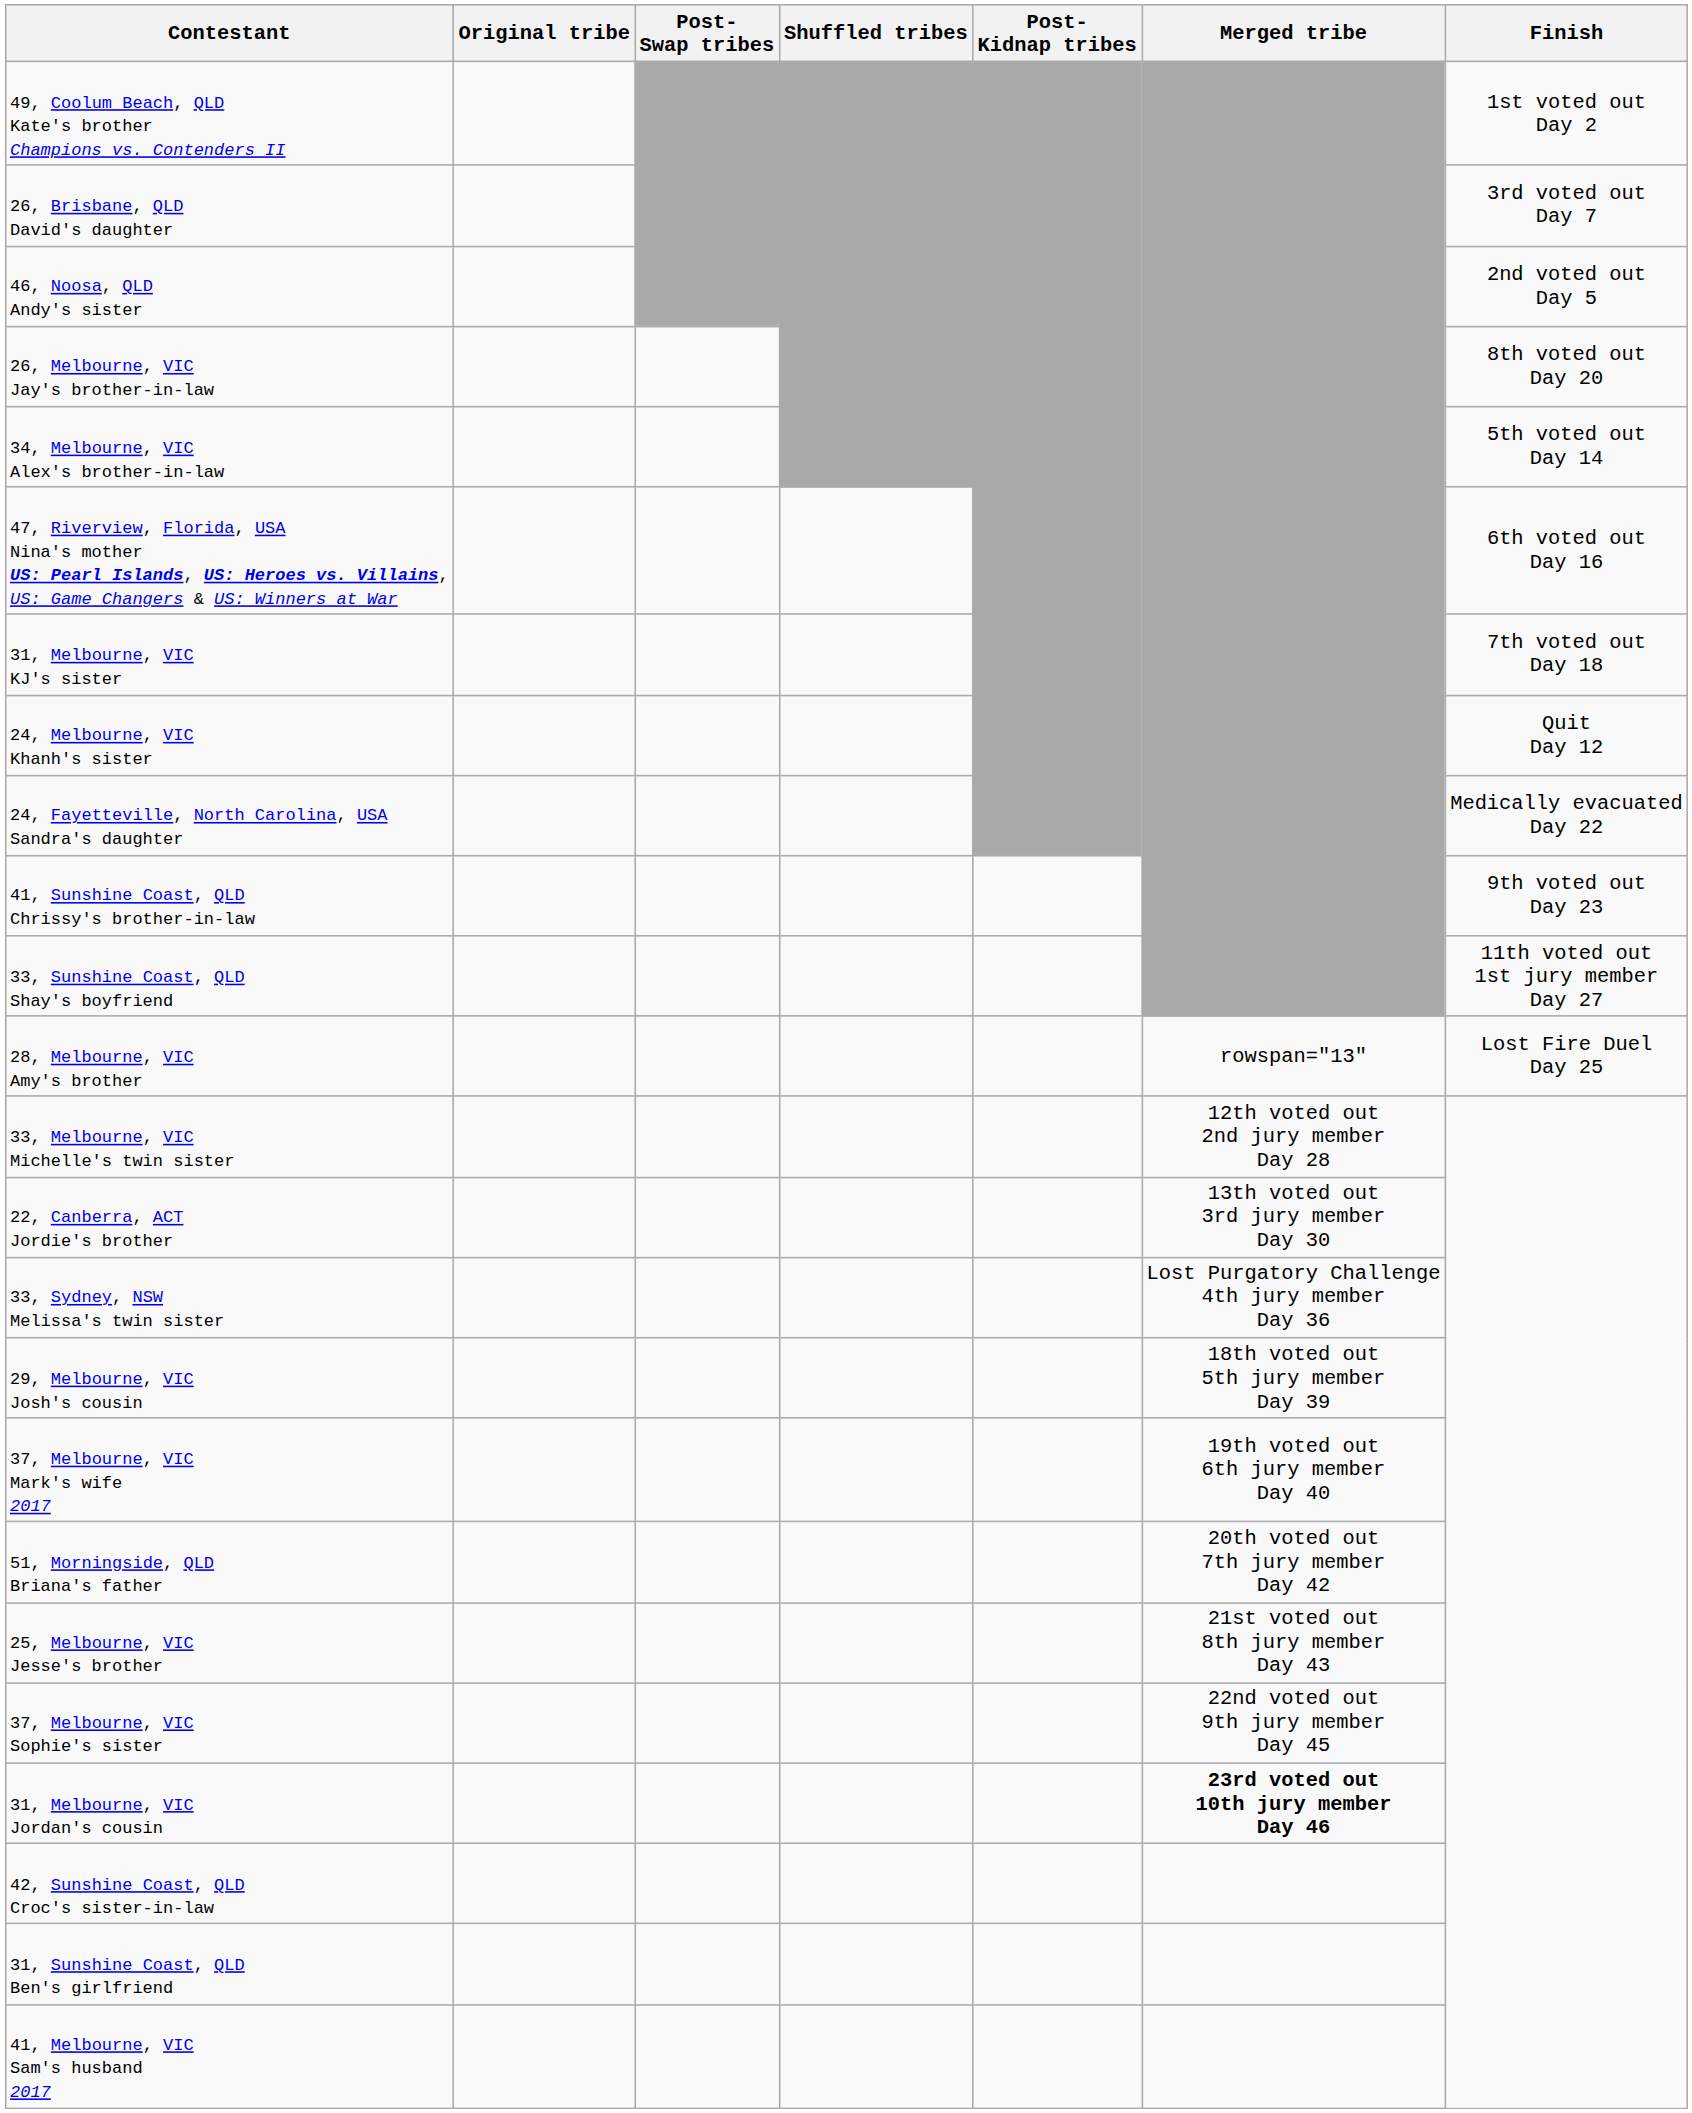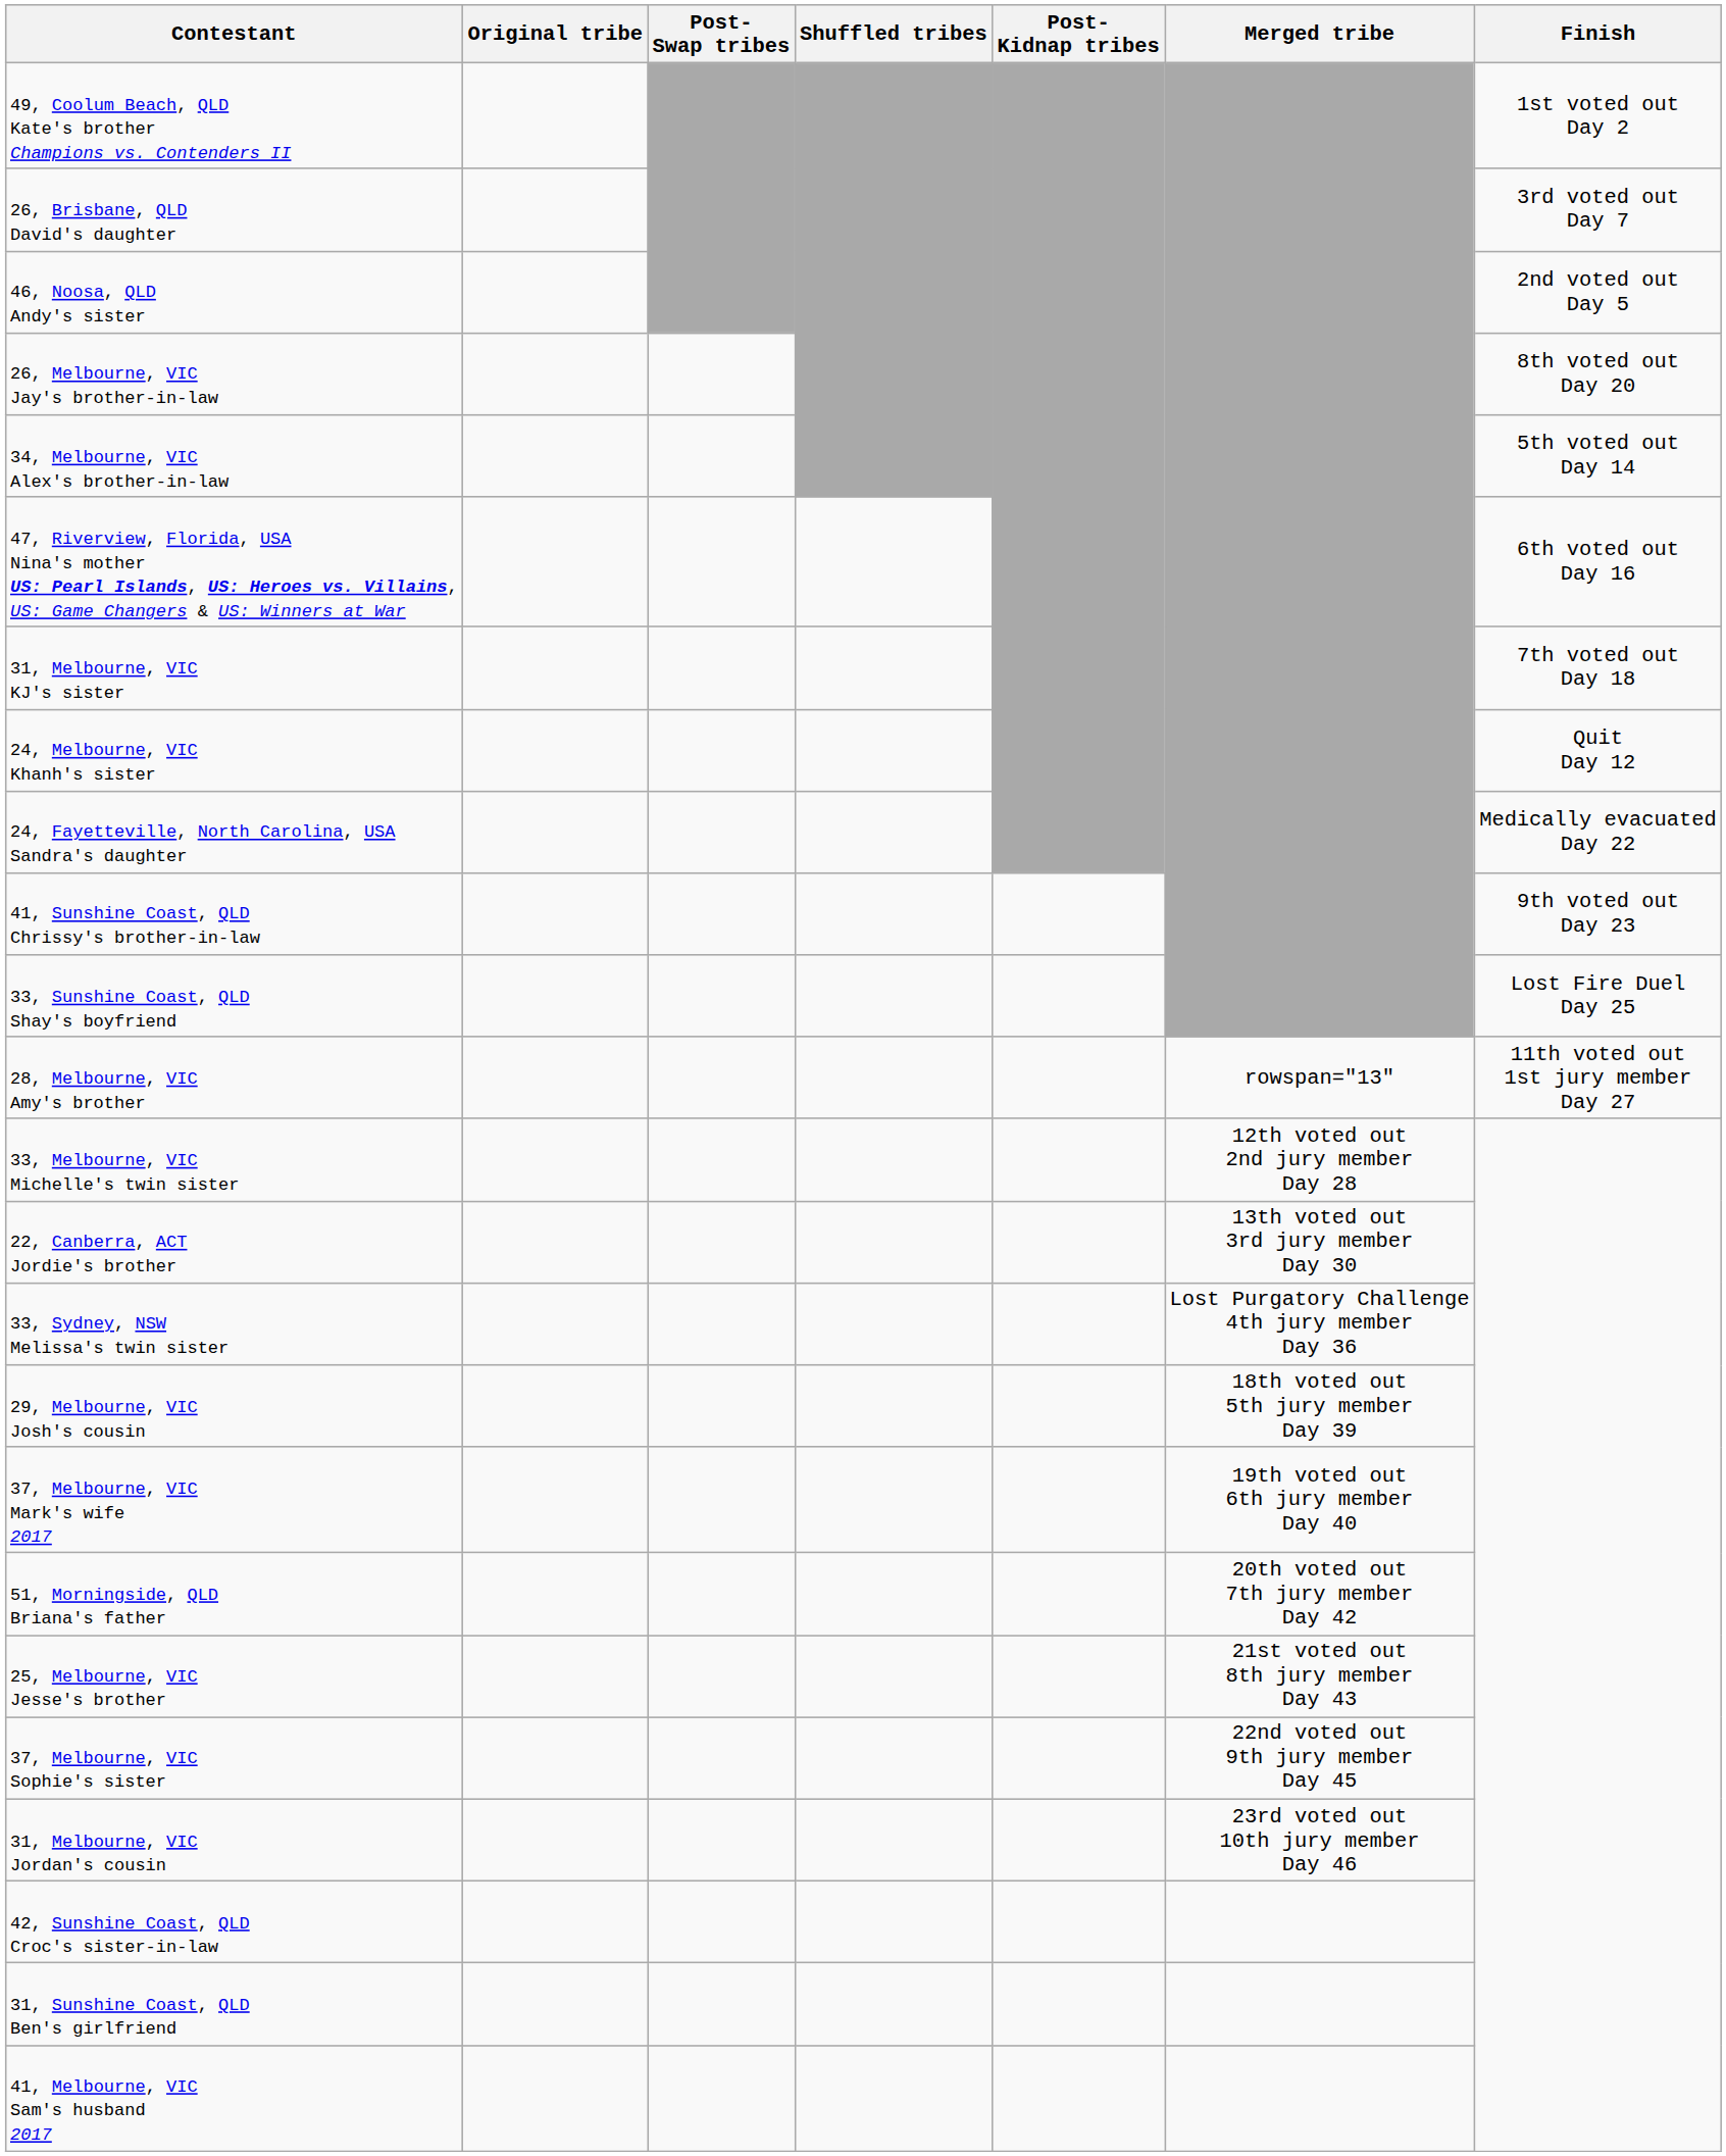 <table class="wikitable sortable nowrap" style="margin:auto; text-align:center">
 <tr>
 <th>Contestant</th>
 <th>Original tribe</th>
 <th>Post-<br>Swap tribes</th>
 <th>Shuffled tribes</th>
 <th>Post-<br>Kidnap tribes</th>
 <th>Merged tribe</th>
 <th>Finish</th>
 </tr>
 <tr>
 <td style="text-align:left"><strong></strong><br><small>49, <a href='#'>Coolum Beach</a>, <a href='#'>QLD</a><br>Kate's brother</small><br><small><em><a href='#'>Champions vs. Contenders II</a></em></small></td>
 <td></td>
 <td style="background:darkgrey;" rowspan="3"></td>
 <td style="background:darkgrey;" rowspan="5"></td>
 <td style="background:darkgrey;" rowspan="9"></td>
 <td rowspan="11" style="background:darkgrey;"></td>
 <td>1st voted out<br>Day 2</td>
 </tr>
 <tr>
 <td style="text-align:left"><strong></strong><br><small>26, <a href='#'>Brisbane</a>, <a href='#'>QLD</a><br>David's daughter</small></td>
 <td></td>
 <td>3rd voted out<br>Day 7</td>
 </tr>
 <tr>
 <td style="text-align:left"><strong></strong><br><small>46, <a href='#'>Noosa</a>, <a href='#'>QLD</a><br>Andy's sister</small></td>
 <td></td>
 <td>2nd voted out<br>Day 5</td>
 </tr>
 <tr>
 <td style="text-align:left"><strong></strong><br><small>26, <a href='#'>Melbourne</a>, <a href='#'>VIC</a><br>Jay's brother-in-law</small></td>
 <td></td>
 <td></td>
 <td>8th voted out<br>Day 20</td>
 </tr>
 <tr>
 <td style="text-align:left"><strong></strong><br><small>34, <a href='#'>Melbourne</a>, <a href='#'>VIC</a><br>Alex's brother-in-law</small></td>
 <td></td>
 <td></td>
 <td>5th voted out<br>Day 14</td>
 </tr>
 <tr>
 <td style="text-align:left"><strong></strong><br><small>47, <a href='#'>Riverview</a>, <a href='#'>Florida</a>, <a href='#'>USA</a><br>Nina's mother</small><br><small><strong><em><a href='#'>US: Pearl Islands</a></em></strong>, <strong><em><a href='#'>US: Heroes vs. Villains</a></em></strong>,<br> <em><a href='#'>US: Game Changers</a></em> & <em><a href='#'>US: Winners at War</a></em></small></td>
 <td></td>
 <td></td>
 <td></td>
 <td>6th voted out<br>Day 16</td>
 </tr>
 <tr>
 <td style="text-align:left"><strong></strong><br><small>31, <a href='#'>Melbourne</a>, <a href='#'>VIC</a><br>KJ's sister</small></td>
 <td></td>
 <td></td>
 <td></td>
 <td>7th voted out<br>Day 18</td>
 </tr>
 <tr>
 <td style="text-align:left"><strong></strong><br><small>24, <a href='#'>Melbourne</a>, <a href='#'>VIC</a><br>Khanh's sister</small><br></td>
 <td></td>
 <td></td>
 <td></td>
 <td>Quit<br>Day 12</td>
 </tr>
 <tr>
 <td style="text-align:left"><strong></strong><br><small>24, <a href='#'>Fayetteville</a>, <a href='#'>North Carolina</a>, <a href='#'>USA</a><br>Sandra's daughter</small></td>
 <td></td>
 <td></td>
 <td></td>
 <td>Medically evacuated<br>Day 22</td>
 </tr>
 <tr>
 <td style="text-align:left"><strong></strong><br><small>41, <a href='#'>Sunshine Coast</a>, <a href='#'>QLD</a><br>Chrissy's brother-in-law</small></td>
 <td></td>
 <td></td>
 <td></td>
 <td></td>
 <td>9th voted out<br>Day 23</td>
 </tr>
 <tr>
 <td style="text-align:left"><strong></strong><br><small>33, <a href='#'>Sunshine Coast</a>, <a href='#'>QLD</a><br>Shay's boyfriend</small></td>
 <td></td>
 <td></td>
 <td></td>
 <td></td>
-<td>11th voted out<br>1st jury member<br>Day 27</td>
+<td>Lost Fire Duel<br>Day 25</td>
 </tr>
 <tr>
 <td style="text-align:left"><strong></strong><br><small>28, <a href='#'>Melbourne</a>, <a href='#'>VIC</a><br>Amy's brother</small><br></td>
 <td></td>
 <td></td>
 <td></td>
 <td></td>
 <td>rowspan="13" </td>
-<td>Lost Fire Duel<br>Day 25</td>
+<td>11th voted out<br>1st jury member<br>Day 27</td>
 </tr>
 <tr>
 <td style="text-align:left"><strong></strong><br><small>33, <a href='#'>Melbourne</a>, <a href='#'>VIC</a><br>Michelle's twin sister</small></td>
 <td></td>
 <td></td>
 <td></td>
 <td></td>
 <td>12th voted out<br>2nd jury member<br>Day 28</td>
 </tr>
 <tr>
 <td style="text-align:left"><strong></strong><br><small>22, <a href='#'>Canberra</a>, <a href='#'>ACT</a><br>Jordie's brother</small></td>
 <td></td>
 <td></td>
 <td></td>
 <td></td>
 <td>13th voted out<br>3rd jury member<br>Day 30</td>
 </tr>
 <tr>
 <td style="text-align:left"><strong></strong><br><small>33, <a href='#'>Sydney</a>, <a href='#'>NSW</a><br>Melissa's twin sister</small></td>
 <td></td>
 <td></td>
 <td></td>
 <td></td>
 <td>Lost Purgatory Challenge<br>4th jury member<br>Day 36</td>
 </tr>
 <tr>
 <td style="text-align:left"><strong></strong><br><small>29, <a href='#'>Melbourne</a>, <a href='#'>VIC</a><br>Josh's cousin</small></td>
 <td></td>
 <td></td>
 <td></td>
 <td></td>
 <td>18th voted out<br>5th jury member<br>Day 39</td>
 </tr>
 <tr>
 <td style="text-align:left"><strong></strong><br><small>37, <a href='#'>Melbourne</a>, <a href='#'>VIC</a><br>Mark's wife</small><br><small><em><a href='#'>2017</a></em></small></td>
 <td></td>
 <td></td>
 <td></td>
 <td></td>
 <td>19th voted out<br>6th jury member<br>Day 40</td>
 </tr>
 <tr>
 <td style="text-align:left"><strong></strong><br><small>51, <a href='#'>Morningside</a>, <a href='#'>QLD</a><br>Briana's father</small></td>
 <td></td>
 <td></td>
 <td></td>
 <td></td>
 <td>20th voted out<br>7th jury member<br>Day 42</td>
 </tr>
 <tr>
 <td style="text-align:left"><strong></strong><br><small>25, <a href='#'>Melbourne</a>, <a href='#'>VIC</a><br>Jesse's brother</small></td>
 <td></td>
 <td></td>
 <td></td>
 <td></td>
 <td>21st voted out<br>8th jury member<br>Day 43</td>
 </tr>
 <tr>
 <td style="text-align:left"><strong></strong><br><small>37, <a href='#'>Melbourne</a>, <a href='#'>VIC</a><br>Sophie's sister</small></td>
 <td></td>
 <td></td>
 <td></td>
 <td></td>
 <td>22nd voted out<br>9th jury member<br>Day 45</td>
 </tr>
 <tr>
 <td style="text-align:left"><strong></strong><br><small>31, <a href='#'>Melbourne</a>, <a href='#'>VIC</a><br>Jordan's cousin</small></td>
 <td></td>
 <td></td>
 <td></td>
 <td></td>
-<td><strong>23rd voted out<br>10th jury member<br>Day 46</strong></td>
+<td>23rd voted out<br>10th jury member<br>Day 46</td>
 </tr>
 <tr>
 <td style="text-align:left"><strong></strong><br><small>42, <a href='#'>Sunshine Coast</a>, <a href='#'>QLD</a><br>Croc's sister-in-law</small></td>
 <td></td>
 <td></td>
 <td></td>
 <td></td>
 <td></td>
 </tr>
 <tr>
 <td style="text-align:left"><strong></strong><br><small>31, <a href='#'>Sunshine Coast</a>, <a href='#'>QLD</a><br>Ben's girlfriend</small></td>
 <td></td>
 <td></td>
 <td></td>
 <td></td>
 <td></td>
 </tr>
 <tr>
 <td style="text-align:left"><strong></strong><br><small>41, <a href='#'>Melbourne</a>, <a href='#'>VIC</a><br>Sam's husband</small><br><small><em><a href='#'>2017</a></em></small></td>
 <td></td>
 <td></td>
 <td></td>
 <td></td>
 <td></td>
 </tr>
 <tr>
 </tr>
 </table>
